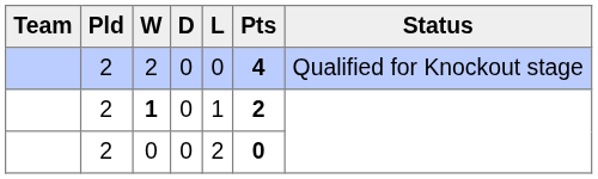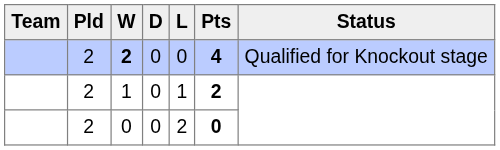 <table style=border-collapse:collapse border=1 cellspacing=0 cellpadding=5>
 <tr align=center bgcolor=#efefef>
 <th>Team</th>
 <th>Pld</th>
 <th>W</th>
 <th>D</th>
 <th>L</th>
 <th>Pts</th>
 <th>Status</th>
 </tr>
 <tr align=center style="background:#bbccff;">
 <td style="text-align:left;"> </td>
 <td>2</td>
-<td>2</td>
+<td><strong>2</strong></td>
 <td>0</td>
 <td>0</td>
 <td><strong>4</strong></td>
 <td rowspan=1>Qualified for Knockout stage</td>
 </tr>
 <tr align=center style="background:#FFFFFF;">
 <td style="text-align:left;"> </td>
 <td>2</td>
-<td><strong>1</strong></td>
+<td>1</td>
 <td>0</td>
 <td>1</td>
 <td><strong>2</strong></td>
 <td rowspan=2></td>
 </tr>
 <tr align=center style="background:#FFFFFF;">
 <td style="text-align:left;"> </td>
 <td>2</td>
 <td>0</td>
 <td>0</td>
 <td>2</td>
 <td><strong>0</strong></td>
 </tr>
 </table>
